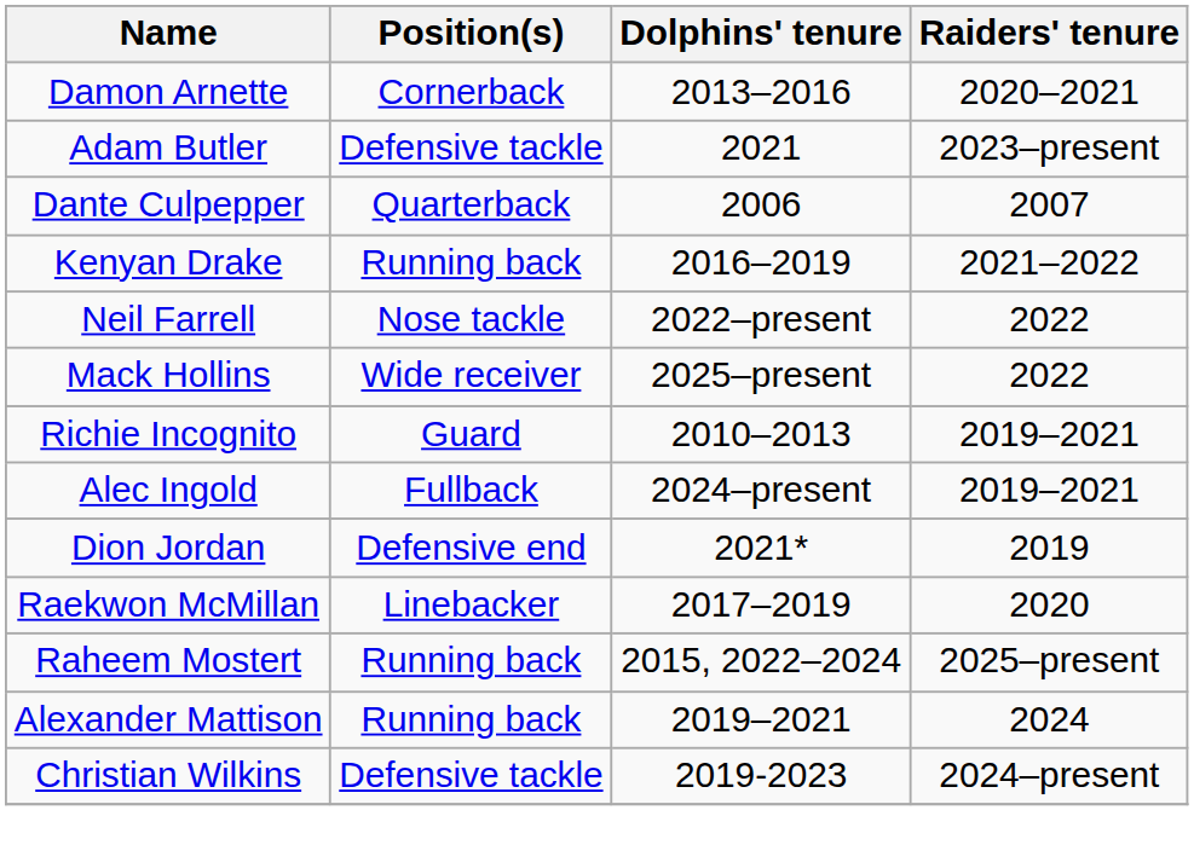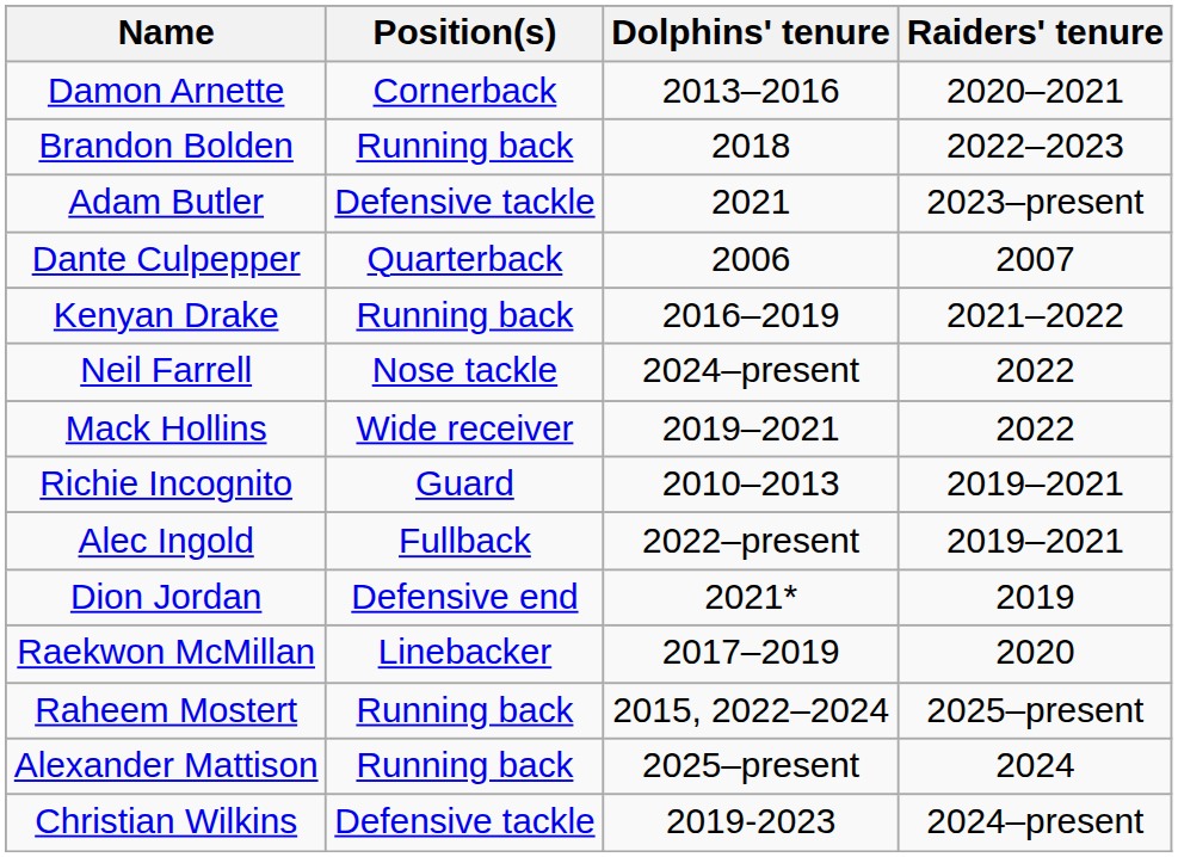 <table class="wikitable" style="text-align: center;">
 <tr>
 <th>Name</th>
 <th>Position(s)</th>
 <th>Dolphins' tenure</th>
 <th>Raiders' tenure</th>
 </tr>
 <tr>
 <td><a href='#'>Damon Arnette</a></td>
 <td><a href='#'>Cornerback</a></td>
 <td>2013–2016</td>
 <td>2020–2021</td>
+</tr>
+<tr>
+<td><a href='#'>Brandon Bolden</a></td>
+<td><a href='#'>Running back</a></td>
+<td>2018</td>
+<td>2022–2023</td>
 </tr>
 <tr>
 <td><a href='#'>Adam Butler</a></td>
 <td><a href='#'>Defensive tackle</a></td>
 <td>2021</td>
 <td>2023–present</td>
 </tr>
 <tr>
 <td><a href='#'>Dante Culpepper</a></td>
 <td><a href='#'>Quarterback</a></td>
 <td>2006</td>
 <td>2007</td>
 </tr>
 <tr>
 <td><a href='#'>Kenyan Drake</a></td>
 <td><a href='#'>Running back</a></td>
 <td>2016–2019</td>
 <td>2021–2022</td>
 </tr>
 <tr>
 <td><a href='#'>Neil Farrell</a></td>
 <td><a href='#'>Nose tackle</a></td>
-<td>2022–present</td>
+<td>2024–present</td>
 <td>2022</td>
 </tr>
 <tr>
 <td><a href='#'>Mack Hollins</a></td>
 <td><a href='#'>Wide receiver</a></td>
-<td>2025–present</td>
+<td>2019–2021</td>
 <td>2022</td>
 </tr>
 <tr>
 <td><a href='#'>Richie Incognito</a></td>
 <td><a href='#'>Guard</a></td>
 <td>2010–2013</td>
 <td>2019–2021</td>
 </tr>
 <tr>
 <td><a href='#'>Alec Ingold</a></td>
 <td><a href='#'>Fullback</a></td>
-<td>2024–present</td>
+<td>2022–present</td>
 <td>2019–2021</td>
 </tr>
 <tr>
 <td><a href='#'>Dion Jordan</a></td>
 <td><a href='#'>Defensive end</a></td>
 <td>2021*</td>
 <td>2019</td>
 </tr>
 <tr>
 <td><a href='#'>Raekwon McMillan</a></td>
 <td><a href='#'>Linebacker</a></td>
 <td>2017–2019</td>
 <td>2020</td>
 </tr>
 <tr>
 <td><a href='#'>Raheem Mostert</a></td>
 <td><a href='#'>Running back</a></td>
 <td>2015, 2022–2024</td>
 <td>2025–present</td>
 </tr>
 <tr>
 <td><a href='#'>Alexander Mattison</a></td>
 <td><a href='#'>Running back</a></td>
-<td>2019–2021</td>
+<td>2025–present</td>
 <td>2024</td>
 </tr>
 <tr>
 <td><a href='#'>Christian Wilkins</a></td>
 <td><a href='#'>Defensive tackle</a></td>
 <td>2019-2023</td>
 <td>2024–present</td>
 </tr>
 <tr>
 </tr>
 </table>
